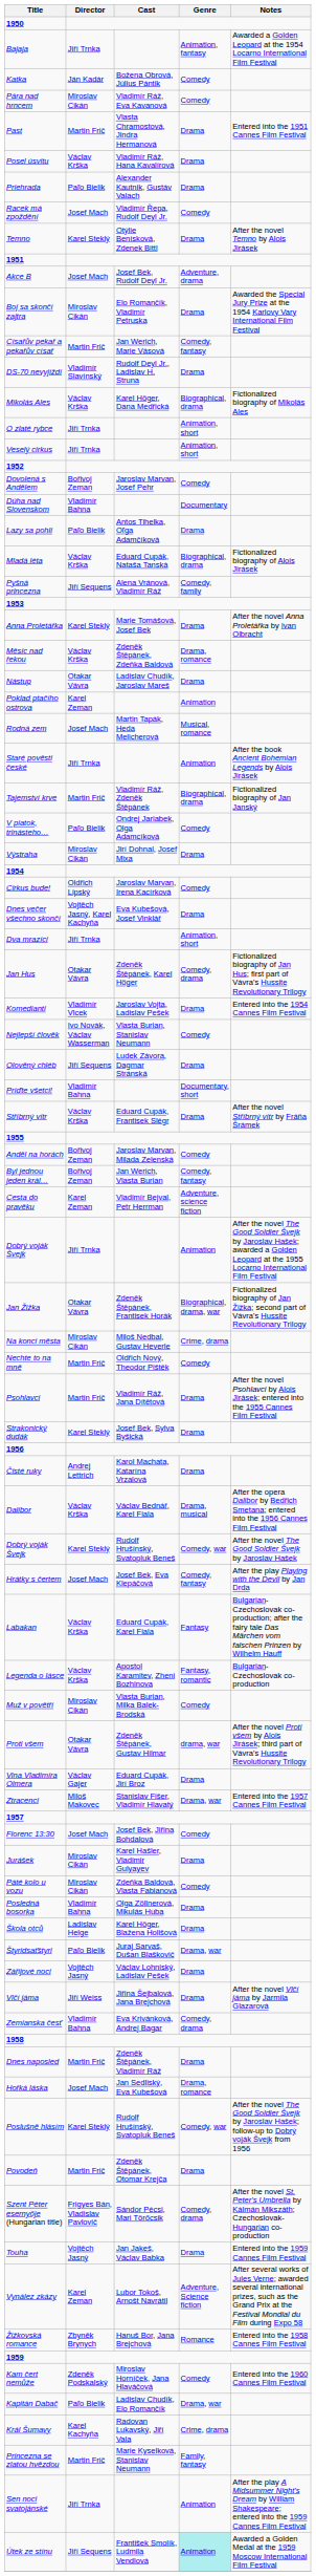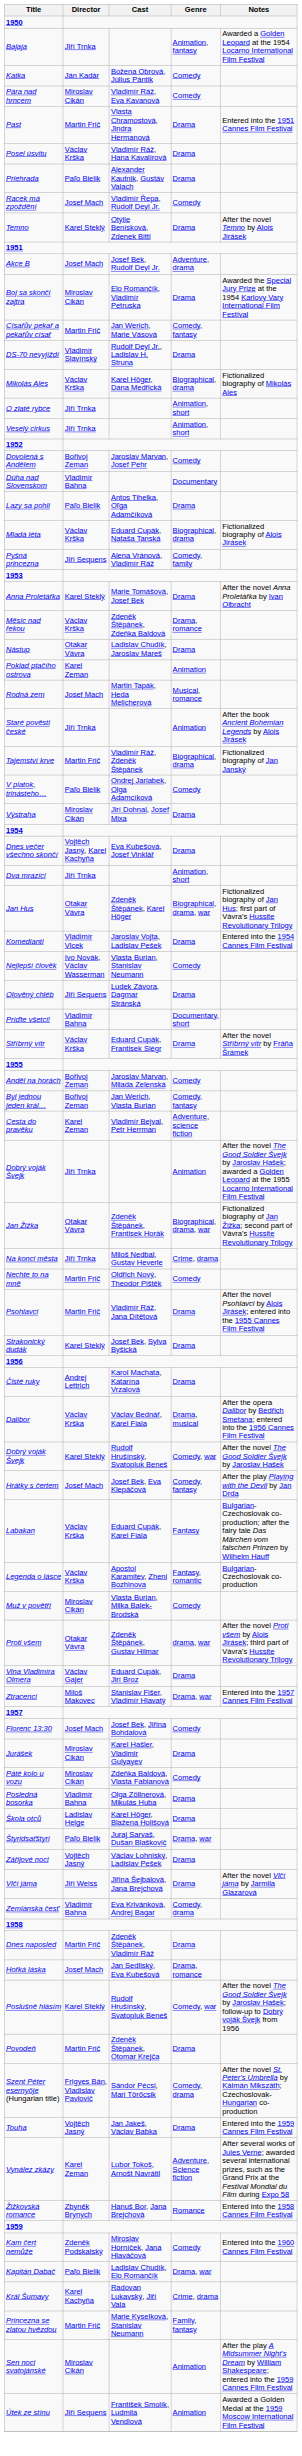 <table class="wikitable" width= "100%">
 <tr>
 <th width=21%>Title</th>
 <th width=16%>Director</th>
 <th width=22%>Cast</th>
 <th width=13%>Genre</th>
 <th width=28%>Notes</th>
 </tr>
 <tr>
 <td><strong><a href='#'>1950</a></strong></td>
 </tr>
 <tr>
 <td><em><a href='#'>Bajaja</a></em></td>
 <td><a href='#'>Jiří Trnka</a></td>
 <td></td>
 <td><a href='#'>Animation</a>, <a href='#'>fantasy</a></td>
 <td>Awarded a <a href='#'>Golden Leopard</a> at the 1954 <a href='#'>Locarno International Film Festival</a></td>
 </tr>
 <tr>
 <td><em><a href='#'>Katka</a></em></td>
 <td><a href='#'>Ján Kadár</a></td>
 <td><a href='#'>Božena Obrová</a>, <a href='#'>Július Pántik</a></td>
 <td><a href='#'>Comedy</a></td>
 <td></td>
 </tr>
 <tr>
 <td><em><a href='#'>Pára nad hrncem</a></em></td>
 <td><a href='#'>Miroslav Cikán</a></td>
 <td><a href='#'>Vladimír Ráž</a>, <a href='#'>Eva Kavanová</a></td>
 <td><a href='#'>Comedy</a></td>
 <td></td>
 </tr>
 <tr>
 <td><em><a href='#'>Past</a></em></td>
 <td><a href='#'>Martin Frič</a></td>
 <td><a href='#'>Vlasta Chramostová</a>, <a href='#'>Jindra Hermanová</a></td>
 <td><a href='#'>Drama</a></td>
 <td>Entered into the <a href='#'>1951 Cannes Film Festival</a></td>
 </tr>
 <tr>
 <td><em><a href='#'>Posel úsvitu</a></em></td>
 <td><a href='#'>Václav Krška</a></td>
 <td><a href='#'>Vladimír Ráž</a>, <a href='#'>Hana Kavalírová</a></td>
 <td><a href='#'>Drama</a></td>
 <td></td>
 </tr>
 <tr>
 <td><em><a href='#'>Priehrada</a></em></td>
 <td><a href='#'>Paľo Bielik</a></td>
 <td><a href='#'>Alexander Kautnik</a>, <a href='#'>Gustáv Valach</a></td>
 <td><a href='#'>Drama</a></td>
 <td></td>
 </tr>
 <tr>
 <td><em><a href='#'>Racek má zpoždění</a></em></td>
 <td><a href='#'>Josef Mach</a></td>
 <td><a href='#'>Vladimír Řepa</a>, <a href='#'>Rudolf Deyl Jr.</a></td>
 <td><a href='#'>Comedy</a></td>
 <td></td>
 </tr>
 <tr>
 <td><em><a href='#'>Temno</a></em></td>
 <td><a href='#'>Karel Steklý</a></td>
 <td><a href='#'>Otýlie Benísková</a>, <a href='#'>Zdenek Bittl</a></td>
 <td><a href='#'>Drama</a></td>
 <td>After the novel <em><a href='#'>Temno</a></em> by <a href='#'>Alois Jirásek</a></td>
 </tr>
 <tr>
 <td><strong><a href='#'>1951</a></strong></td>
 </tr>
 <tr>
 <td><em><a href='#'>Akce B</a></em></td>
 <td><a href='#'>Josef Mach</a></td>
 <td><a href='#'>Josef Bek</a>, <a href='#'>Rudolf Deyl Jr.</a></td>
 <td><a href='#'>Adventure</a>, <a href='#'>drama</a></td>
 <td></td>
 </tr>
 <tr>
 <td><em><a href='#'>Boj sa skončí zajtra</a></em></td>
 <td><a href='#'>Miroslav Cikán</a></td>
 <td><a href='#'>Elo Romančík</a>, <a href='#'>Vladimír Petruska</a></td>
 <td><a href='#'>Drama</a></td>
 <td>Awarded the <a href='#'>Special Jury Prize</a> at the 1954 <a href='#'>Karlovy Vary International Film Festival</a></td>
 </tr>
 <tr>
 <td><em><a href='#'>Císařův pekař a pekařův císař</a></em></td>
 <td><a href='#'>Martin Frič</a></td>
 <td><a href='#'>Jan Werich</a>, <a href='#'>Marie Vásová</a></td>
 <td><a href='#'>Comedy</a>, <a href='#'>fantasy</a></td>
 <td></td>
 </tr>
 <tr>
 <td><em><a href='#'>DS-70 nevyjíždí</a></em></td>
 <td><a href='#'>Vladimír Slavínský</a></td>
 <td><a href='#'>Rudolf Deyl Jr.</a>, <a href='#'>Ladislav H. Struna</a></td>
 <td><a href='#'>Drama</a></td>
 <td></td>
 </tr>
 <tr>
 <td><em><a href='#'>Mikolás Ales</a></em></td>
 <td><a href='#'>Václav Krška</a></td>
 <td><a href='#'>Karel Höger</a>, <a href='#'>Dana Medřická</a></td>
 <td><a href='#'>Biographical</a>, <a href='#'>drama</a></td>
 <td>Fictionalized biography of <a href='#'>Mikolás Ales</a></td>
 </tr>
 <tr>
 <td><em><a href='#'>O zlaté rybce</a></em></td>
 <td><a href='#'>Jiří Trnka</a></td>
 <td></td>
 <td><a href='#'>Animation</a>, <a href='#'>short</a></td>
 <td></td>
 </tr>
 <tr>
 <td><em><a href='#'>Veselý cirkus</a></em></td>
 <td><a href='#'>Jiří Trnka</a></td>
 <td></td>
 <td><a href='#'>Animation</a>, <a href='#'>short</a></td>
 <td></td>
 </tr>
 <tr>
 <td><strong><a href='#'>1952</a></strong></td>
 </tr>
 <tr>
 <td><em><a href='#'>Dovolená s Andělem</a></em></td>
 <td><a href='#'>Bořivoj Zeman</a></td>
 <td><a href='#'>Jaroslav Marvan</a>, <a href='#'>Josef Pehr</a></td>
 <td><a href='#'>Comedy</a></td>
 <td></td>
 </tr>
 <tr>
 <td><em><a href='#'>Dúha nad Slovenskom</a></em></td>
 <td><a href='#'>Vladimír Bahna</a></td>
 <td></td>
 <td><a href='#'>Documentary</a></td>
 <td></td>
 </tr>
 <tr>
 <td><em><a href='#'>Lazy sa pohli</a></em></td>
 <td><a href='#'>Paľo Bielik</a></td>
 <td><a href='#'>Antos Tihelka</a>, <a href='#'>Oľga Adamčíková</a></td>
 <td><a href='#'>Drama</a></td>
 <td></td>
 </tr>
 <tr>
 <td><em><a href='#'>Mladá léta</a></em></td>
 <td><a href='#'>Václav Krška</a></td>
 <td><a href='#'>Eduard Cupák</a>, <a href='#'>Nataša Tanská</a></td>
 <td><a href='#'>Biographical</a>, <a href='#'>drama</a></td>
 <td>Fictionalized biography of <a href='#'>Alois Jirásek</a></td>
 </tr>
 <tr>
 <td><em><a href='#'>Pyšná princezna</a></em></td>
 <td><a href='#'>Jiří Sequens</a></td>
 <td><a href='#'>Alena Vránová</a>, <a href='#'>Vladimír Ráž</a></td>
 <td><a href='#'>Comedy</a>, <a href='#'>family</a></td>
 <td></td>
 </tr>
 <tr>
 <td><strong><a href='#'>1953</a></strong></td>
 </tr>
 <tr>
 <td><em><a href='#'>Anna Proletářka</a></em></td>
 <td><a href='#'>Karel Steklý</a></td>
 <td><a href='#'>Marie Tomášová</a>, <a href='#'>Josef Bek</a></td>
 <td><a href='#'>Drama</a></td>
 <td>After the novel <em>Anna Proletářka</em> by <a href='#'>Ivan Olbracht</a></td>
 </tr>
 <tr>
 <td><em><a href='#'>Měsíc nad řekou</a></em></td>
 <td><a href='#'>Václav Krška</a></td>
 <td><a href='#'>Zdeněk Štěpánek</a>, <a href='#'>Zdeňka Baldová</a></td>
 <td><a href='#'>Drama</a>, <a href='#'>romance</a></td>
 <td></td>
 </tr>
 <tr>
 <td><em><a href='#'>Nástup</a></em></td>
 <td><a href='#'>Otakar Vávra</a></td>
 <td><a href='#'>Ladislav Chudík</a>, <a href='#'>Jaroslav Mareš</a></td>
 <td><a href='#'>Drama</a></td>
 <td></td>
 </tr>
 <tr>
 <td><em><a href='#'>Poklad ptačího ostrova</a></em></td>
 <td><a href='#'>Karel Zeman</a></td>
 <td></td>
 <td><a href='#'>Animation</a></td>
 <td></td>
 </tr>
 <tr>
 <td><em><a href='#'>Rodná zem</a></em></td>
 <td><a href='#'>Josef Mach</a></td>
 <td><a href='#'>Martin Tapák</a>, <a href='#'>Heda Melicherová</a></td>
 <td><a href='#'>Musical</a>, <a href='#'>romance</a></td>
 <td></td>
 </tr>
 <tr>
 <td><em><a href='#'>Staré pověsti české</a></em></td>
 <td><a href='#'>Jiří Trnka</a></td>
 <td></td>
 <td><a href='#'>Animation</a></td>
 <td>After the book <em><a href='#'>Ancient Bohemian Legends</a></em> by <a href='#'>Alois Jirásek</a></td>
 </tr>
 <tr>
 <td><em><a href='#'>Tajemství krve</a></em></td>
 <td><a href='#'>Martin Frič</a></td>
 <td><a href='#'>Vladimír Ráž</a>, <a href='#'>Zdeněk Štěpánek</a></td>
 <td><a href='#'>Biographical</a>, <a href='#'>drama</a></td>
 <td>Fictionalized biography of <a href='#'>Jan Janský</a></td>
 </tr>
 <tr>
 <td><em><a href='#'>V piatok, trinásteho…</a></em></td>
 <td><a href='#'>Paľo Bielik</a></td>
 <td><a href='#'>Ondrej Jariabek</a>, <a href='#'>Olga Adamcíková</a></td>
 <td><a href='#'>Comedy</a></td>
 <td></td>
 </tr>
 <tr>
 <td><em><a href='#'>Výstraha</a></em></td>
 <td><a href='#'>Miroslav Cikán</a></td>
 <td><a href='#'>Jirí Dohnal</a>, <a href='#'>Josef Mixa</a></td>
 <td><a href='#'>Drama</a></td>
 <td></td>
 </tr>
 <tr>
 <td><strong><a href='#'>1954</a></strong></td>
 </tr>
 <tr>
-<td><em><a href='#'>Cirkus bude!</a></em></td>
-<td><a href='#'>Oldřich Lipský</a></td>
-<td><a href='#'>Jaroslav Marvan</a>, <a href='#'>Irena Kacírková</a></td>
-<td><a href='#'>Comedy</a></td>
-<td></td>
-</tr>
-<tr>
 <td><em><a href='#'>Dnes večer všechno skončí</a></em></td>
 <td><a href='#'>Vojtěch Jasný</a>, <a href='#'>Karel Kachyňa</a></td>
 <td><a href='#'>Eva Kubešová</a>, <a href='#'>Josef Vinklář</a></td>
 <td><a href='#'>Drama</a></td>
 <td></td>
 </tr>
 <tr>
 <td><em><a href='#'>Dva mrazíci</a></em></td>
 <td><a href='#'>Jiří Trnka</a></td>
 <td></td>
 <td><a href='#'>Animation</a>, <a href='#'>short</a></td>
 <td></td>
 </tr>
 <tr>
 <td><em><a href='#'>Jan Hus</a></em></td>
 <td><a href='#'>Otakar Vávra</a></td>
 <td><a href='#'>Zdeněk Štěpánek</a>, <a href='#'>Karel Höger</a></td>
-<td><a href='#'>Comedy</a>, <a href='#'>drama</a></td>
+<td><a href='#'>Biographical</a>, <a href='#'>drama</a>, <a href='#'>war</a></td>
 <td>Fictionalized biography of <a href='#'>Jan Hus</a>; first part of Vávra's <a href='#'>Hussite Revolutionary Trilogy</a></td>
 </tr>
 <tr>
 <td><em><a href='#'>Komedianti</a></em></td>
 <td><a href='#'>Vladimír Vlcek</a></td>
 <td><a href='#'>Jaroslav Vojta</a>, <a href='#'>Ladislav Pešek</a></td>
 <td><a href='#'>Drama</a></td>
 <td>Entered into the <a href='#'>1954 Cannes Film Festival</a></td>
 </tr>
 <tr>
 <td><em><a href='#'>Nejlepší člověk</a></em></td>
 <td><a href='#'>Ivo Novák</a>, <a href='#'>Václav Wasserman</a></td>
 <td><a href='#'>Vlasta Burian</a>, <a href='#'>Stanislav Neumann</a></td>
 <td><a href='#'>Comedy</a></td>
 <td></td>
 </tr>
 <tr>
 <td><em><a href='#'>Olověný chléb</a></em></td>
 <td><a href='#'>Jiří Sequens</a></td>
 <td><a href='#'>Ludek Závora</a>, <a href='#'>Dagmar Stránská</a></td>
 <td><a href='#'>Drama</a></td>
 <td></td>
 </tr>
 <tr>
 <td><em><a href='#'>Príďte všetci!</a></em></td>
 <td><a href='#'>Vladimír Bahna</a></td>
 <td></td>
 <td><a href='#'>Documentary</a>, <a href='#'>short</a></td>
 <td></td>
 </tr>
 <tr>
 <td><em><a href='#'>Stříbrný vítr</a></em></td>
 <td><a href='#'>Václav Krška</a></td>
 <td><a href='#'>Eduard Cupák</a>, <a href='#'>Frantisek Slégr</a></td>
 <td><a href='#'>Drama</a></td>
 <td>After the novel <em><a href='#'>Stříbrný vítr</a></em> by <a href='#'>Fráňa Šrámek</a></td>
 </tr>
 <tr>
 <td><strong><a href='#'>1955</a></strong></td>
 </tr>
 <tr>
 <td><em><a href='#'>Anděl na horách</a></em></td>
 <td><a href='#'>Bořivoj Zeman</a></td>
 <td><a href='#'>Jaroslav Marvan</a>, <a href='#'>Milada Zelenská</a></td>
 <td><a href='#'>Comedy</a></td>
 <td></td>
 </tr>
 <tr>
 <td><em><a href='#'>Byl jednou jeden král…</a></em></td>
 <td><a href='#'>Bořivoj Zeman</a></td>
 <td><a href='#'>Jan Werich</a>, <a href='#'>Vlasta Burian</a></td>
 <td><a href='#'>Comedy</a>, <a href='#'>fantasy</a></td>
 <td></td>
 </tr>
 <tr>
 <td><em><a href='#'>Cesta do pravěku</a></em></td>
 <td><a href='#'>Karel Zeman</a></td>
 <td><a href='#'>Vladimír Bejval</a>, <a href='#'>Petr Herrman</a></td>
 <td><a href='#'>Adventure</a>, <a href='#'>science fiction</a></td>
 <td></td>
 </tr>
 <tr>
 <td><em><a href='#'>Dobrý voják Švejk</a></em></td>
 <td><a href='#'>Jiří Trnka</a></td>
 <td></td>
 <td><a href='#'>Animation</a></td>
 <td>After the novel <em><a href='#'>The Good Soldier Švejk</a></em> by <a href='#'>Jaroslav Hašek</a>; awarded a <a href='#'>Golden Leopard</a> at the 1955 <a href='#'>Locarno International Film Festival</a></td>
 </tr>
 <tr>
 <td><em><a href='#'>Jan Žižka</a></em></td>
 <td><a href='#'>Otakar Vávra</a></td>
 <td><a href='#'>Zdeněk Štěpánek</a>, <a href='#'>Frantisek Horák</a></td>
 <td><a href='#'>Biographical</a>, <a href='#'>drama</a>, <a href='#'>war</a></td>
 <td>Fictionalized biography of <a href='#'>Jan Žižka</a>; second part of Vávra's <a href='#'>Hussite Revolutionary Trilogy</a></td>
 </tr>
 <tr>
 <td><em><a href='#'>Na konci města</a></em></td>
-<td><a href='#'>Miroslav Cikán</a></td>
+<td><a href='#'>Jiří Trnka</a></td>
 <td><a href='#'>Miloš Nedbal</a>, <a href='#'>Gustav Heverle</a></td>
 <td><a href='#'>Crime</a>, <a href='#'>drama</a></td>
 <td></td>
 </tr>
 <tr>
 <td><em><a href='#'>Nechte to na mně</a></em></td>
 <td><a href='#'>Martin Frič</a></td>
 <td><a href='#'>Oldřich Nový</a>, <a href='#'>Theodor Pištěk</a></td>
 <td><a href='#'>Comedy</a></td>
 <td></td>
 </tr>
 <tr>
 <td><em><a href='#'>Psohlavci</a></em></td>
 <td><a href='#'>Martin Frič</a></td>
 <td><a href='#'>Vladimír Ráž</a>, <a href='#'>Jana Dítětová</a></td>
 <td><a href='#'>Drama</a></td>
 <td>After the novel <em>Psohlavci</em> by <a href='#'>Alois Jirásek</a>; entered into the <a href='#'>1955 Cannes Film Festival</a></td>
 </tr>
 <tr>
 <td><em><a href='#'>Strakonický dudák</a></em></td>
 <td><a href='#'>Karel Steklý</a></td>
 <td><a href='#'>Josef Bek</a>, <a href='#'>Sylva Byšická</a></td>
 <td><a href='#'>Drama</a></td>
 <td></td>
 </tr>
 <tr>
 <td><strong><a href='#'>1956</a></strong></td>
 </tr>
 <tr>
 <td><em><a href='#'>Čisté ruky</a></em></td>
 <td><a href='#'>Andrej Lettrich</a></td>
 <td><a href='#'>Karol Machata</a>, <a href='#'>Katarína Vrzalová</a></td>
 <td><a href='#'>Drama</a></td>
 <td></td>
 </tr>
 <tr>
 <td><em><a href='#'>Dalibor</a></em></td>
 <td><a href='#'>Václav Krška</a></td>
 <td><a href='#'>Václav Bednář</a>, <a href='#'>Karel Fiala</a></td>
 <td><a href='#'>Drama</a>, <a href='#'>musical</a></td>
 <td>After the opera <em><a href='#'>Dalibor</a></em> by <a href='#'>Bedřich Smetana</a>; entered into the <a href='#'>1956 Cannes Film Festival</a></td>
 </tr>
 <tr>
 <td><em><a href='#'>Dobrý voják Švejk</a></em></td>
 <td><a href='#'>Karel Steklý</a></td>
 <td><a href='#'>Rudolf Hrušínský</a>, <a href='#'>Svatopluk Beneš</a></td>
 <td><a href='#'>Comedy</a>, <a href='#'>war</a></td>
 <td>After the novel <em><a href='#'>The Good Soldier Švejk</a></em> by <a href='#'>Jaroslav Hašek</a></td>
 </tr>
 <tr>
 <td><em><a href='#'>Hrátky s čertem</a></em></td>
 <td><a href='#'>Josef Mach</a></td>
 <td><a href='#'>Josef Bek</a>, <a href='#'>Eva Klepáčová</a></td>
 <td><a href='#'>Comedy</a>, <a href='#'>fantasy</a></td>
 <td>After the play <em><a href='#'>Playing with the Devil</a></em> by <a href='#'>Jan Drda</a></td>
 </tr>
 <tr>
 <td><em><a href='#'>Labakan</a></em></td>
 <td><a href='#'>Václav Krška</a></td>
 <td><a href='#'>Eduard Cupák</a>, <a href='#'>Karel Fiala</a></td>
 <td><a href='#'>Fantasy</a></td>
 <td><a href='#'>Bulgarian</a>-Czechoslovak co-production; after the fairy tale <em>Das Märchen vom falschen Prinzen</em> by <a href='#'>Wilhelm Hauff</a></td>
 </tr>
 <tr>
 <td><em><a href='#'>Legenda o lásce</a></em></td>
 <td><a href='#'>Václav Krška</a></td>
 <td><a href='#'>Apostol Karamitev</a>, <a href='#'>Zheni Bozhinova</a></td>
 <td><a href='#'>Fantasy</a>, <a href='#'>romantic</a></td>
 <td><a href='#'>Bulgarian</a>-Czechoslovak co-production</td>
 </tr>
 <tr>
 <td><em><a href='#'>Muž v povětří</a></em></td>
 <td><a href='#'>Miroslav Cikán</a></td>
 <td><a href='#'>Vlasta Burian</a>, <a href='#'>Milka Balek-Brodská</a></td>
 <td><a href='#'>Comedy</a></td>
 <td></td>
 </tr>
 <tr>
 <td><em><a href='#'>Proti všem</a></em></td>
 <td><a href='#'>Otakar Vávra</a></td>
 <td><a href='#'>Zdeněk Štěpánek</a>, <a href='#'>Gustav Hilmar</a></td>
 <td><a href='#'>drama</a>, <a href='#'>war</a></td>
 <td>After the novel <em><a href='#'>Proti všem</a></em> by <a href='#'>Alois Jirásek</a>; third part of Vávra's <a href='#'>Hussite Revolutionary Trilogy</a></td>
 </tr>
 <tr>
 <td><em><a href='#'>Vina Vladimíra Olmera</a></em></td>
 <td><a href='#'>Václav Gajer</a></td>
 <td><a href='#'>Eduard Cupák</a>, <a href='#'>Jirí Broz</a></td>
 <td><a href='#'>Drama</a></td>
 <td></td>
 </tr>
 <tr>
 <td><em><a href='#'>Ztracenci</a></em></td>
 <td><a href='#'>Miloš Makovec</a></td>
 <td><a href='#'>Stanislav Fišer</a>, <a href='#'>Vladimír Hlavatý</a></td>
 <td><a href='#'>Drama</a>, <a href='#'>war</a></td>
 <td>Entered into the <a href='#'>1957 Cannes Film Festival</a></td>
 </tr>
 <tr>
 <td><strong><a href='#'>1957</a></strong></td>
 </tr>
 <tr>
 <td><em><a href='#'>Florenc 13:30</a></em></td>
 <td><a href='#'>Josef Mach</a></td>
 <td><a href='#'>Josef Bek</a>, <a href='#'>Jiřina Bohdalová</a></td>
 <td><a href='#'>Comedy</a></td>
 <td></td>
 </tr>
 <tr>
 <td><em><a href='#'>Jurášek</a></em></td>
 <td><a href='#'>Miroslav Cikán</a></td>
 <td><a href='#'>Karel Hašler</a>, <a href='#'>Vladimir Gulyayev</a></td>
 <td><a href='#'>Drama</a></td>
 <td></td>
 </tr>
 <tr>
 <td><em><a href='#'>Páté kolo u vozu</a></em></td>
 <td><a href='#'>Miroslav Cikán</a></td>
 <td><a href='#'>Zdeňka Baldová</a>, <a href='#'>Vlasta Fabianová</a></td>
 <td><a href='#'>Comedy</a></td>
 <td></td>
 </tr>
 <tr>
 <td><em><a href='#'>Posledná bosorka</a></em></td>
 <td><a href='#'>Vladimír Bahna</a></td>
 <td><a href='#'>Olga Zöllnerová</a>, <a href='#'>Mikulás Huba</a></td>
 <td><a href='#'>Drama</a></td>
 <td></td>
 </tr>
 <tr>
 <td><em><a href='#'>Škola otců</a></em></td>
 <td><a href='#'>Ladislav Helge</a></td>
 <td><a href='#'>Karel Höger</a>, <a href='#'>Blažena Holišová</a></td>
 <td><a href='#'>Drama</a></td>
 <td></td>
 </tr>
 <tr>
 <td><em><a href='#'>Štyridsaťštyri</a></em></td>
 <td><a href='#'>Paľo Bielik</a></td>
 <td><a href='#'>Juraj Sarvaš</a>, <a href='#'>Dušan Blaškovič</a></td>
 <td><a href='#'>Drama</a>, <a href='#'>war</a></td>
 <td></td>
 </tr>
 <tr>
 <td><em><a href='#'>Zářijové noci</a></em></td>
 <td><a href='#'>Vojtěch Jasný</a></td>
 <td><a href='#'>Václav Lohniský</a>, <a href='#'>Ladislav Pešek</a></td>
 <td><a href='#'>Drama</a></td>
 <td></td>
 </tr>
 <tr>
 <td><em><a href='#'>Vlčí jáma</a></em></td>
 <td><a href='#'>Jiří Weiss</a></td>
 <td><a href='#'>Jiřina Šejbalová</a>, <a href='#'>Jana Brejchová</a></td>
 <td><a href='#'>Drama</a></td>
 <td>After the novel <em><a href='#'>Vlčí jáma</a></em> by <a href='#'>Jarmila Glazarová</a></td>
 </tr>
 <tr>
 <td><em><a href='#'>Zemianska česť</a></em></td>
 <td><a href='#'>Vladimír Bahna</a></td>
 <td><a href='#'>Eva Krivánková</a>, <a href='#'>Andrej Bagar</a></td>
 <td><a href='#'>Comedy</a>, <a href='#'>drama</a></td>
 <td></td>
 </tr>
 <tr>
 <td><strong><a href='#'>1958</a></strong></td>
 </tr>
 <tr>
 <td><em><a href='#'>Dnes naposled</a></em></td>
 <td><a href='#'>Martin Frič</a></td>
 <td><a href='#'>Zdeněk Štěpánek</a>, <a href='#'>Vladimír Ráž</a></td>
 <td><a href='#'>Drama</a></td>
 <td></td>
 </tr>
 <tr>
 <td><em><a href='#'>Hořká láska</a></em></td>
 <td><a href='#'>Josef Mach</a></td>
 <td><a href='#'>Jan Sedliský</a>, <a href='#'>Eva Kubešová</a></td>
 <td><a href='#'>Drama</a>, <a href='#'>romance</a></td>
 <td></td>
 </tr>
 <tr>
 <td><em><a href='#'>Poslušně hlásím</a></em></td>
 <td><a href='#'>Karel Steklý</a></td>
 <td><a href='#'>Rudolf Hrušínský</a>, <a href='#'>Svatopluk Beneš</a></td>
 <td><a href='#'>Comedy</a>, <a href='#'>war</a></td>
 <td>After the novel <em><a href='#'>The Good Soldier Švejk</a></em> by <a href='#'>Jaroslav Hašek</a>; follow-up to <a href='#'>Dobrý voják Švejk</a> from 1956</td>
 </tr>
 <tr>
 <td><em><a href='#'>Povodeň</a></em></td>
 <td><a href='#'>Martin Frič</a></td>
 <td><a href='#'>Zdeněk Štěpánek</a>, <a href='#'>Otomar Krejča</a></td>
 <td><a href='#'>Drama</a></td>
 <td></td>
 </tr>
 <tr>
 <td><em><a href='#'>Szent Péter esernyője</a></em> (Hungarian title)</td>
 <td><a href='#'>Frigyes Bán</a>, <a href='#'>Vladislav Pavlovič</a></td>
 <td><a href='#'>Sándor Pécsi</a>, <a href='#'>Mari Törőcsik</a></td>
 <td><a href='#'>Comedy</a>, <a href='#'>drama</a></td>
 <td>After the novel <em><a href='#'>St. Peter's Umbrella</a></em> by <a href='#'>Kálmán Mikszáth</a>; Czechoslovak-<a href='#'>Hungarian</a> co-production</td>
 </tr>
 <tr>
 <td><em><a href='#'>Touha</a></em></td>
 <td><a href='#'>Vojtěch Jasný</a></td>
 <td><a href='#'>Jan Jakeš</a>, <a href='#'>Václav Babka</a></td>
 <td><a href='#'>Drama</a></td>
 <td>Entered into the <a href='#'>1959 Cannes Film Festival</a></td>
 </tr>
 <tr>
 <td><em><a href='#'>Vynález zkázy</a></em></td>
 <td><a href='#'>Karel Zeman</a></td>
 <td><a href='#'>Lubor Tokoš</a>, <a href='#'>Arnošt Navrátil</a></td>
 <td><a href='#'>Adventure</a>, <a href='#'>Science fiction</a></td>
 <td>After several works of <a href='#'>Jules Verne</a>; awarded several international prizes, such as the Grand Prix at the <em>Festival Mondial du Film</em> during <a href='#'>Expo 58</a></td>
 </tr>
 <tr>
 <td><em><a href='#'>Žižkovská romance</a></em></td>
 <td><a href='#'>Zbyněk Brynych</a></td>
 <td><a href='#'>Hanuš Bor</a>, <a href='#'>Jana Brejchová</a></td>
 <td><a href='#'>Romance</a></td>
 <td>Entered into the <a href='#'>1958 Cannes Film Festival</a></td>
 </tr>
 <tr>
 <td><strong><a href='#'>1959</a></strong></td>
 </tr>
 <tr>
 <td><em><a href='#'>Kam čert nemůže</a></em></td>
 <td><a href='#'>Zdeněk Podskalský</a></td>
 <td><a href='#'>Miroslav Horníček</a>, <a href='#'>Jana Hlaváčová</a></td>
 <td><a href='#'>Comedy</a></td>
 <td>Entered into the <a href='#'>1960 Cannes Film Festival</a></td>
 </tr>
 <tr>
 <td><em><a href='#'>Kapitán Dabač</a></em></td>
 <td><a href='#'>Paľo Bielik</a></td>
 <td><a href='#'>Ladislav Chudík</a>, <a href='#'>Elo Romančík</a></td>
 <td><a href='#'>Drama</a>, <a href='#'>war</a></td>
 <td></td>
 </tr>
 <tr>
 <td><em><a href='#'>Král Šumavy</a></em></td>
 <td><a href='#'>Karel Kachyňa</a></td>
 <td><a href='#'>Radovan Lukavský</a>, <a href='#'>Jiří Vala</a></td>
 <td><a href='#'>Crime</a>, <a href='#'>drama</a></td>
 <td></td>
 </tr>
 <tr>
 <td><em><a href='#'>Princezna se zlatou hvězdou</a></em></td>
 <td><a href='#'>Martin Frič</a></td>
 <td><a href='#'>Marie Kyselková</a>, <a href='#'>Stanislav Neumann</a></td>
 <td><a href='#'>Family</a>, <a href='#'>fantasy</a></td>
 <td></td>
 </tr>
 <tr>
 <td><em><a href='#'>Sen noci svatojánské</a></em></td>
-<td><a href='#'>Jiří Trnka</a></td>
+<td><a href='#'>Miroslav Cikán</a></td>
 <td></td>
 <td><a href='#'>Animation</a></td>
 <td>After the play <em><a href='#'>A Midsummer Night's Dream</a></em> by <a href='#'>William Shakespeare</a>; entered into the <a href='#'>1959 Cannes Film Festival</a></td>
 </tr>
 <tr>
 <td><em><a href='#'>Útek ze stínu</a></em></td>
 <td><a href='#'>Jiří Sequens</a></td>
 <td><a href='#'>František Smolík</a>, <a href='#'>Ludmila Vendlová</a></td>
-<td style="background: paleturquoise;"><a href='#'>Animation</a></td>
+<td><a href='#'>Animation</a></td>
 <td>Awarded a Golden Medal at the <a href='#'>1959 Moscow International Film Festival</a></td>
 </tr>
 <tr>
 </tr>
 </table>
